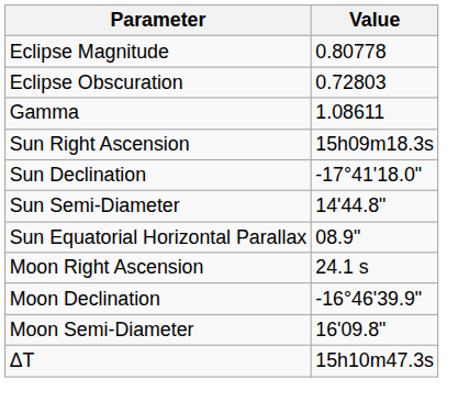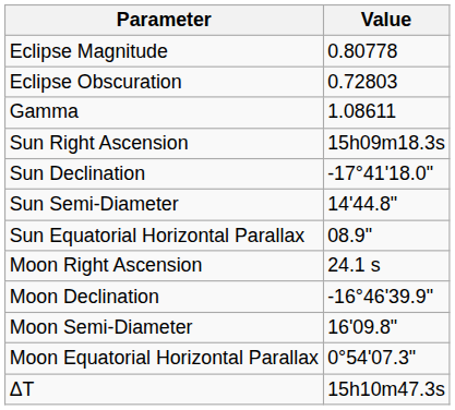 <table class="wikitable">
 <tr>
 <th>Parameter</th>
 <th>Value</th>
 </tr>
 <tr>
 <td>Eclipse Magnitude</td>
 <td>0.80778</td>
 </tr>
 <tr>
 <td>Eclipse Obscuration</td>
 <td>0.72803</td>
 </tr>
 <tr>
 <td>Gamma</td>
 <td>1.08611</td>
 </tr>
 <tr>
 <td>Sun Right Ascension</td>
 <td>15h09m18.3s</td>
 </tr>
 <tr>
 <td>Sun Declination</td>
 <td>-17°41'18.0"</td>
 </tr>
 <tr>
 <td>Sun Semi-Diameter</td>
 <td>14'44.8"</td>
 </tr>
 <tr>
 <td>Sun Equatorial Horizontal Parallax</td>
 <td>08.9"</td>
 </tr>
 <tr>
 <td>Moon Right Ascension</td>
 <td>24.1 s</td>
 </tr>
 <tr>
 <td>Moon Declination</td>
 <td>-16°46'39.9"</td>
 </tr>
 <tr>
 <td>Moon Semi-Diameter</td>
 <td>16'09.8"</td>
 </tr>
 <tr>
+<td>Moon Equatorial Horizontal Parallax</td>
+<td>0°54'07.3"</td>
+</tr>
+<tr>
 <td>ΔT</td>
 <td>15h10m47.3s</td>
 </tr>
 </table>
